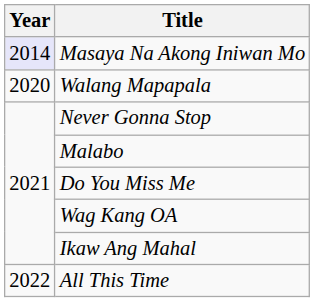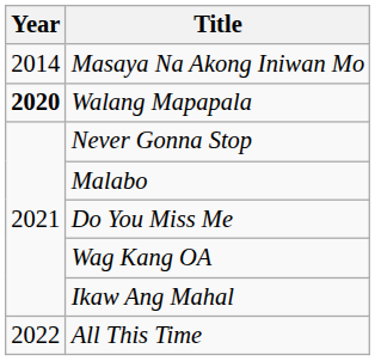 <table class="wikitable">
 <tr>
 <th>Year</th>
 <th>Title</th>
 </tr>
 <tr>
-<td style="background: lavender;">2014</td>
+<td>2014</td>
 <td><em>Masaya Na Akong Iniwan Mo</em></td>
 </tr>
 <tr>
-<td>2020</td>
+<td><strong>2020</strong></td>
 <td><em>Walang Mapapala</em></td>
 </tr>
 <tr>
 <td rowspan="5">2021</td>
 <td><em>Never Gonna Stop</em></td>
 </tr>
 <tr>
 <td><em>Malabo</em></td>
 </tr>
 <tr>
 <td><em>Do You Miss Me</em></td>
 </tr>
 <tr>
 <td><em>Wag Kang OA</em></td>
 </tr>
 <tr>
 <td><em>Ikaw Ang Mahal</em></td>
 </tr>
 <tr>
 <td>2022</td>
 <td><em>All This Time</em></td>
 </tr>
 </table>
